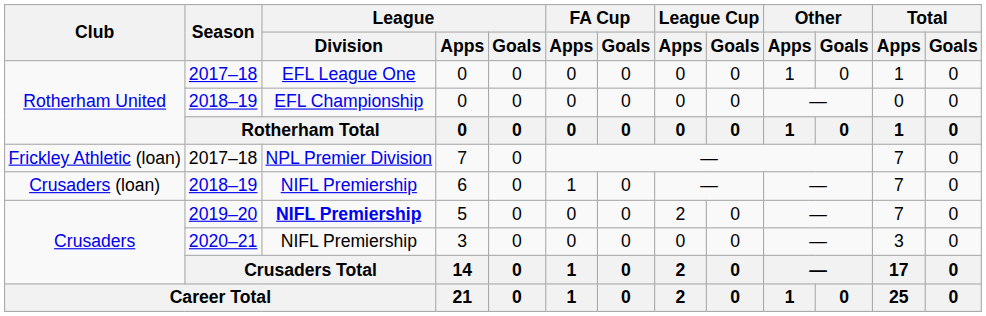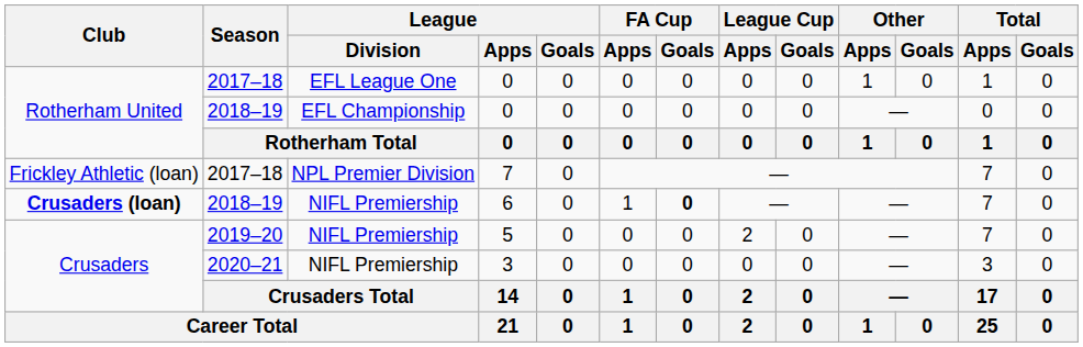 <table class="wikitable" style="text-align: center;">
 <tr>
 <th rowspan="2">Club</th>
 <th rowspan="2">Season</th>
 <th colspan="3">League</th>
 <th colspan="2">FA Cup</th>
 <th colspan="2">League Cup</th>
 <th colspan="2">Other</th>
 <th colspan="2">Total</th>
 </tr>
 <tr>
 <th>Division</th>
 <th>Apps</th>
 <th>Goals</th>
 <th>Apps</th>
 <th>Goals</th>
 <th>Apps</th>
 <th>Goals</th>
 <th>Apps</th>
 <th>Goals</th>
 <th>Apps</th>
 <th>Goals</th>
 </tr>
 <tr>
 <td rowspan=3><a href='#'>Rotherham United</a></td>
 <td><a href='#'>2017–18</a></td>
 <td><a href='#'>EFL League One</a></td>
 <td>0</td>
 <td>0</td>
 <td>0</td>
 <td>0</td>
 <td>0</td>
 <td>0</td>
 <td>1</td>
 <td>0</td>
 <td>1</td>
 <td>0</td>
 </tr>
 <tr>
 <td><a href='#'>2018–19</a></td>
 <td><a href='#'>EFL Championship</a></td>
 <td>0</td>
 <td>0</td>
 <td>0</td>
 <td>0</td>
 <td>0</td>
 <td>0</td>
 <td colspan="2">—</td>
 <td>0</td>
 <td>0</td>
 </tr>
 <tr>
 <th colspan="2">Rotherham Total</th>
 <th>0</th>
 <th>0</th>
 <th>0</th>
 <th>0</th>
 <th>0</th>
 <th>0</th>
 <th>1</th>
 <th>0</th>
 <th>1</th>
 <th>0</th>
 </tr>
 <tr>
 <td><a href='#'>Frickley Athletic</a> (loan)</td>
 <td>2017–18</td>
 <td><a href='#'>NPL Premier Division</a></td>
 <td>7</td>
 <td>0</td>
 <td colspan="6">—</td>
 <td>7</td>
 <td>0</td>
 </tr>
 <tr>
-<td><a href='#'>Crusaders</a> (loan)</td>
+<td><strong><a href='#'>Crusaders</a> (loan)</strong></td>
 <td><a href='#'>2018–19</a></td>
 <td><a href='#'>NIFL Premiership</a></td>
 <td>6</td>
 <td>0</td>
 <td>1</td>
-<td>0</td>
+<td><strong>0</strong></td>
 <td colspan="2">—</td>
 <td colspan="2">—</td>
 <td>7</td>
 <td>0</td>
 </tr>
 <tr>
 <td rowspan=3><a href='#'>Crusaders</a></td>
 <td><a href='#'>2019–20</a></td>
-<td><strong><a href='#'>NIFL Premiership</a></strong></td>
+<td><a href='#'>NIFL Premiership</a></td>
 <td>5</td>
 <td>0</td>
 <td>0</td>
 <td>0</td>
 <td>2</td>
 <td>0</td>
 <td colspan="2">—</td>
 <td>7</td>
 <td>0</td>
 </tr>
 <tr>
 <td><a href='#'>2020–21</a></td>
 <td>NIFL Premiership</td>
 <td>3</td>
 <td>0</td>
 <td>0</td>
 <td>0</td>
 <td>0</td>
 <td>0</td>
 <td colspan="2">—</td>
 <td>3</td>
 <td>0</td>
 </tr>
 <tr>
 <th colspan=2>Crusaders Total</th>
 <th>14</th>
 <th>0</th>
 <th>1</th>
 <th>0</th>
 <th>2</th>
 <th>0</th>
 <th colspan="2">—</th>
 <th>17</th>
 <th>0</th>
 </tr>
 <tr>
 <th colspan="3">Career Total</th>
 <th>21</th>
 <th>0</th>
 <th>1</th>
 <th>0</th>
 <th>2</th>
 <th>0</th>
 <th>1</th>
 <th>0</th>
 <th>25</th>
 <th>0</th>
 </tr>
 </table>
